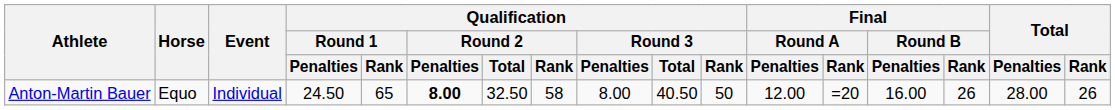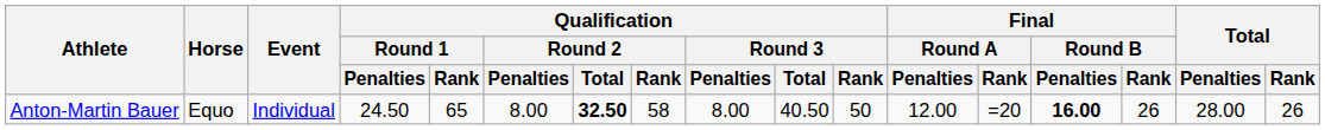 <table class=wikitable style=font-size:90%;text-align:center>
 <tr>
 <th rowspan=3>Athlete</th>
 <th rowspan=3>Horse</th>
 <th rowspan=3>Event</th>
 <th colspan=8>Qualification</th>
 <th colspan=4>Final</th>
 <th rowspan=2 colspan=2>Total</th>
 </tr>
 <tr style=font-size:95%>
 <th colspan=2>Round 1</th>
 <th colspan=3>Round 2</th>
 <th colspan=3>Round 3</th>
 <th colspan=2>Round A</th>
 <th colspan=2>Round B</th>
 </tr>
 <tr style=font-size:95%>
 <th>Penalties</th>
 <th>Rank</th>
 <th>Penalties</th>
 <th>Total</th>
 <th>Rank</th>
 <th>Penalties</th>
 <th>Total</th>
 <th>Rank</th>
 <th>Penalties</th>
 <th>Rank</th>
 <th>Penalties</th>
 <th>Rank</th>
 <th>Penalties</th>
 <th>Rank</th>
 </tr>
 <tr>
 <td align=left><a href='#'>Anton-Martin Bauer</a></td>
 <td align=left>Equo</td>
 <td align=left><a href='#'>Individual</a></td>
 <td>24.50</td>
 <td>65</td>
-<td><strong>8.00</strong></td>
-<td>32.50</td>
+<td>8.00</td>
+<td><strong>32.50</strong></td>
 <td>58</td>
 <td>8.00</td>
 <td>40.50</td>
 <td>50</td>
 <td>12.00</td>
 <td>=20</td>
-<td>16.00</td>
+<td><strong>16.00</strong></td>
 <td>26</td>
 <td>28.00</td>
 <td>26</td>
 </tr>
 </table>
